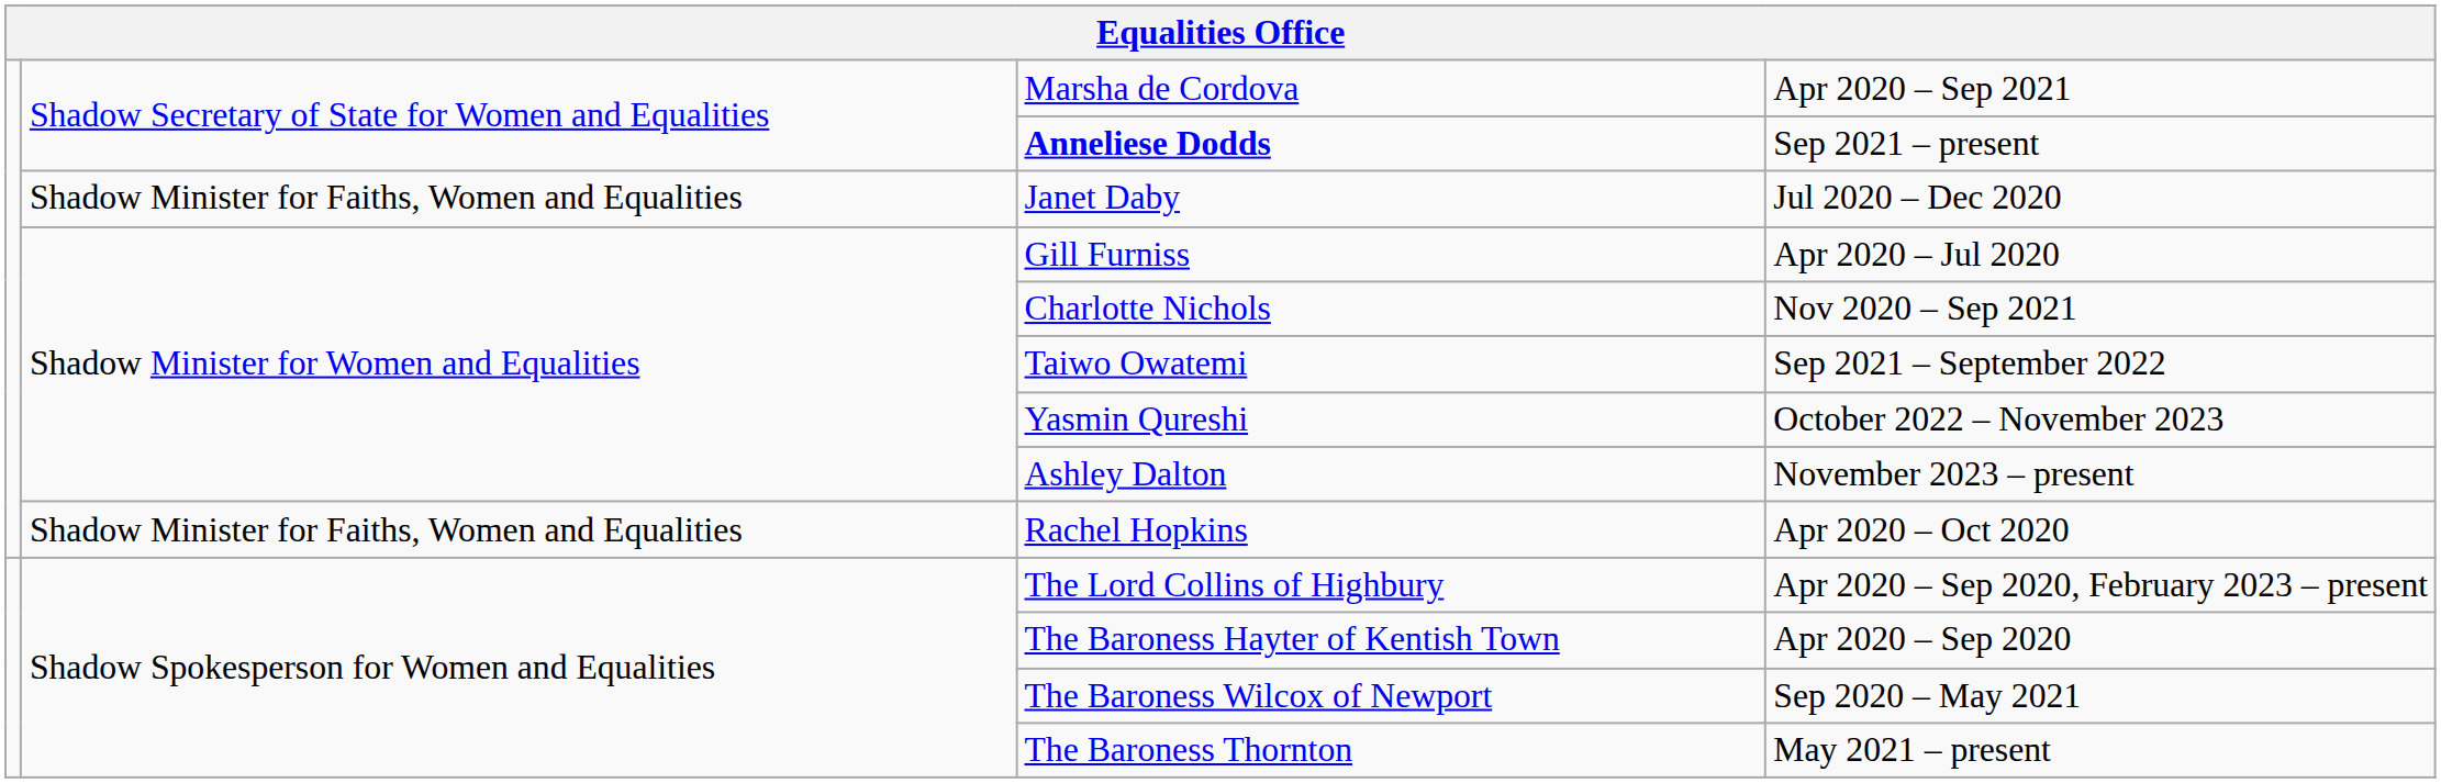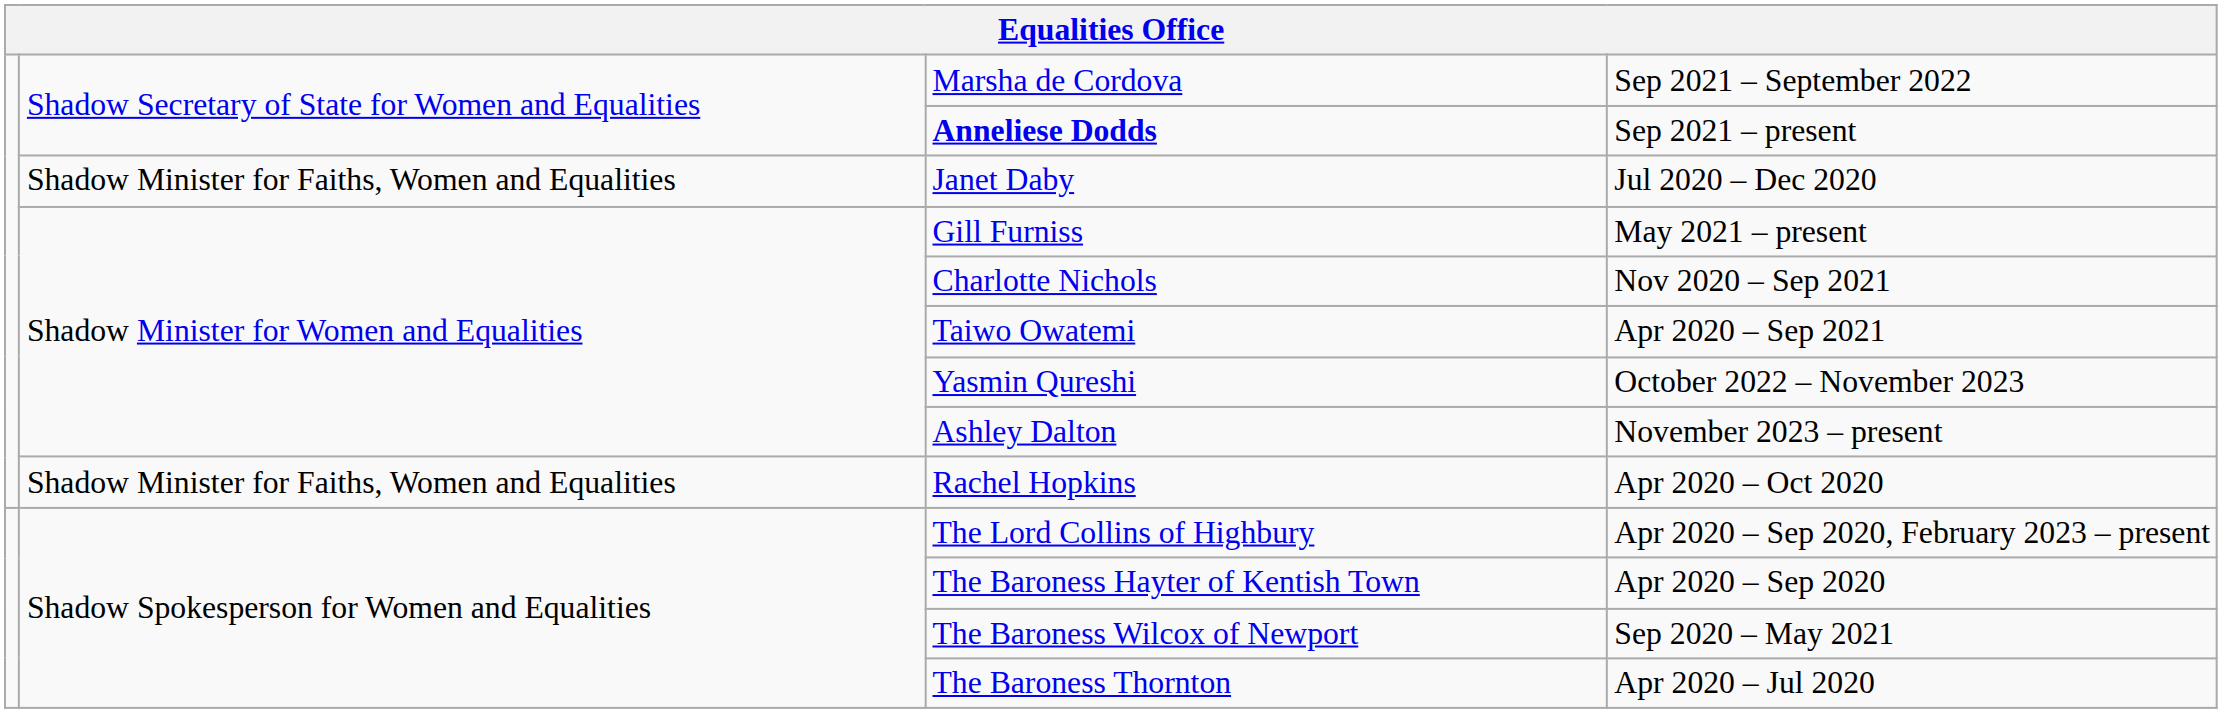 <table class="wikitable">
 <tr>
 <th colspan="4"><a href='#'>Equalities Office</a></th>
 </tr>
 <tr>
 <td rowspan="9" style="background: "></td>
 <td rowspan="2" style="width: 450px;"><a href='#'>Shadow Secretary of State for Women and Equalities</a></td>
 <td style="width: 337px;"><a href='#'>Marsha de Cordova</a></td>
-<td>Apr 2020 – Sep 2021</td>
+<td>Sep 2021 – September 2022</td>
 </tr>
 <tr>
 <td><strong><a href='#'>Anneliese Dodds</a></strong></td>
 <td>Sep 2021 – present</td>
 </tr>
 <tr>
 <td>Shadow Minister for Faiths, Women and Equalities</td>
 <td><a href='#'>Janet Daby</a></td>
 <td>Jul 2020 – Dec 2020</td>
 </tr>
 <tr>
 <td rowspan="5">Shadow <a href='#'>Minister for Women and Equalities</a></td>
 <td><a href='#'>Gill Furniss</a></td>
-<td>Apr 2020 – Jul 2020</td>
+<td>May 2021 – present</td>
 </tr>
 <tr>
 <td><a href='#'>Charlotte Nichols</a></td>
 <td>Nov 2020 – Sep 2021</td>
 </tr>
 <tr>
 <td><a href='#'>Taiwo Owatemi</a></td>
-<td>Sep 2021 – September 2022</td>
+<td>Apr 2020 – Sep 2021</td>
 </tr>
 <tr>
 <td><a href='#'>Yasmin Qureshi</a></td>
 <td>October 2022 – November 2023</td>
 </tr>
 <tr>
 <td><a href='#'>Ashley Dalton</a></td>
 <td>November 2023 – present</td>
 </tr>
 <tr>
 <td>Shadow Minister for Faiths, Women and Equalities</td>
 <td><a href='#'>Rachel Hopkins</a></td>
 <td>Apr 2020 – Oct 2020</td>
 </tr>
 <tr>
 <td rowspan="4" style="background: "></td>
 <td rowspan="4">Shadow Spokesperson for Women and Equalities</td>
 <td><a href='#'>The Lord Collins of Highbury</a></td>
 <td>Apr 2020 – Sep 2020, February 2023 – present</td>
 </tr>
 <tr>
 <td><a href='#'>The Baroness Hayter of Kentish Town</a></td>
 <td>Apr 2020 – Sep 2020</td>
 </tr>
 <tr>
 <td><a href='#'>The Baroness Wilcox of Newport</a></td>
 <td>Sep 2020 – May 2021</td>
 </tr>
 <tr>
 <td><a href='#'>The Baroness Thornton</a></td>
-<td>May 2021 – present</td>
+<td>Apr 2020 – Jul 2020</td>
 </tr>
 </table>
